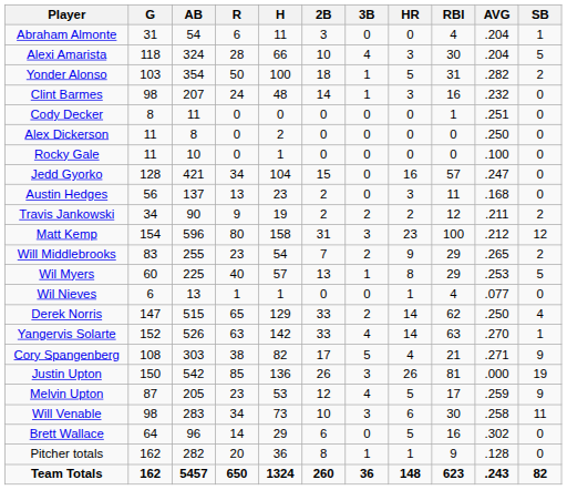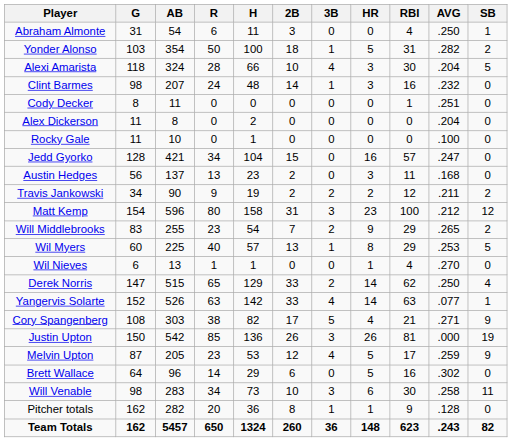 <table class="wikitable sortable" style="text-align:center; border:1; cellpadding:2; cellspacing:0;">
 <tr>
 <th bgcolor="#DDDDFF" width="20%">Player</th>
 <th bgcolor="#DDDDFF" width="7%">G</th>
 <th bgcolor="#DDDDFF" width="7%">AB</th>
 <th bgcolor="#DDDDFF" width="7%">R</th>
 <th bgcolor="#DDDDFF" width="7%">H</th>
 <th bgcolor="#DDDDFF" width="7%">2B</th>
 <th bgcolor="#DDDDFF" width="7%">3B</th>
 <th bgcolor="#DDDDFF" width="7%">HR</th>
 <th bgcolor="#DDDDFF" width="7%">RBI</th>
 <th bgcolor="#DDDDFF" width="7%">AVG</th>
 <th bgcolor="#DDDDFF" width="7%">SB</th>
 </tr>
 <tr style="text-align:center;">
 <td><a href='#'>Abraham Almonte</a></td>
 <td>31</td>
 <td>54</td>
 <td>6</td>
 <td>11</td>
 <td>3</td>
 <td>0</td>
 <td>0</td>
 <td>4</td>
-<td>.204</td>
+<td>.250</td>
 <td>1</td>
+</tr>
+<tr align=center>
+<td><a href='#'>Yonder Alonso</a></td>
+<td>103</td>
+<td>354</td>
+<td>50</td>
+<td>100</td>
+<td>18</td>
+<td>1</td>
+<td>5</td>
+<td>31</td>
+<td>.282</td>
+<td>2</td>
 </tr>
 <tr align-center>
 <td><a href='#'>Alexi Amarista</a></td>
 <td>118</td>
 <td>324</td>
 <td>28</td>
 <td>66</td>
 <td>10</td>
 <td>4</td>
 <td>3</td>
 <td>30</td>
 <td>.204</td>
 <td>5</td>
-</tr>
-<tr align=center>
-<td><a href='#'>Yonder Alonso</a></td>
-<td>103</td>
-<td>354</td>
-<td>50</td>
-<td>100</td>
-<td>18</td>
-<td>1</td>
-<td>5</td>
-<td>31</td>
-<td>.282</td>
-<td>2</td>
 </tr>
 <tr align=center>
 <td><a href='#'>Clint Barmes</a></td>
 <td>98</td>
 <td>207</td>
 <td>24</td>
 <td>48</td>
 <td>14</td>
 <td>1</td>
 <td>3</td>
 <td>16</td>
 <td>.232</td>
 <td>0</td>
 </tr>
 <tr align=center>
 <td><a href='#'>Cody Decker</a></td>
 <td>8</td>
 <td>11</td>
 <td>0</td>
 <td>0</td>
 <td>0</td>
 <td>0</td>
 <td>0</td>
 <td>1</td>
 <td>.251</td>
 <td>0</td>
 </tr>
 <tr align=center>
 <td><a href='#'>Alex Dickerson</a></td>
 <td>11</td>
 <td>8</td>
 <td>0</td>
 <td>2</td>
 <td>0</td>
 <td>0</td>
 <td>0</td>
 <td>0</td>
-<td>.250</td>
+<td>.204</td>
 <td>0</td>
 </tr>
 <tr align=center>
 <td><a href='#'>Rocky Gale</a></td>
 <td>11</td>
 <td>10</td>
 <td>0</td>
 <td>1</td>
 <td>0</td>
 <td>0</td>
 <td>0</td>
 <td>0</td>
 <td>.100</td>
 <td>0</td>
 </tr>
 <tr align=center>
 <td><a href='#'>Jedd Gyorko</a></td>
 <td>128</td>
 <td>421</td>
 <td>34</td>
 <td>104</td>
 <td>15</td>
 <td>0</td>
 <td>16</td>
 <td>57</td>
 <td>.247</td>
 <td>0</td>
 </tr>
 <tr align=center>
 <td><a href='#'>Austin Hedges</a></td>
 <td>56</td>
 <td>137</td>
 <td>13</td>
 <td>23</td>
 <td>2</td>
 <td>0</td>
 <td>3</td>
 <td>11</td>
 <td>.168</td>
 <td>0</td>
 </tr>
 <tr align=center>
 <td><a href='#'>Travis Jankowski</a></td>
 <td>34</td>
 <td>90</td>
 <td>9</td>
 <td>19</td>
 <td>2</td>
 <td>2</td>
 <td>2</td>
 <td>12</td>
 <td>.211</td>
 <td>2</td>
 </tr>
 <tr align=center>
 <td><a href='#'>Matt Kemp</a></td>
 <td>154</td>
 <td>596</td>
 <td>80</td>
 <td>158</td>
 <td>31</td>
 <td>3</td>
 <td>23</td>
 <td>100</td>
 <td>.212</td>
 <td>12</td>
 </tr>
 <tr align=center>
 <td><a href='#'>Will Middlebrooks</a></td>
 <td>83</td>
 <td>255</td>
 <td>23</td>
 <td>54</td>
 <td>7</td>
 <td>2</td>
 <td>9</td>
 <td>29</td>
 <td>.265</td>
 <td>2</td>
 </tr>
 <tr align=center>
 <td><a href='#'>Wil Myers</a></td>
 <td>60</td>
 <td>225</td>
 <td>40</td>
 <td>57</td>
 <td>13</td>
 <td>1</td>
 <td>8</td>
 <td>29</td>
 <td>.253</td>
 <td>5</td>
 </tr>
 <tr align=center>
 <td><a href='#'>Wil Nieves</a></td>
 <td>6</td>
 <td>13</td>
 <td>1</td>
 <td>1</td>
 <td>0</td>
 <td>0</td>
 <td>1</td>
 <td>4</td>
-<td>.077</td>
+<td>.270</td>
 <td>0</td>
 </tr>
 <tr align=center>
 <td><a href='#'>Derek Norris</a></td>
 <td>147</td>
 <td>515</td>
 <td>65</td>
 <td>129</td>
 <td>33</td>
 <td>2</td>
 <td>14</td>
 <td>62</td>
 <td>.250</td>
 <td>4</td>
 </tr>
 <tr align=center>
 <td><a href='#'>Yangervis Solarte</a></td>
 <td>152</td>
 <td>526</td>
 <td>63</td>
 <td>142</td>
 <td>33</td>
 <td>4</td>
 <td>14</td>
 <td>63</td>
-<td>.270</td>
+<td>.077</td>
 <td>1</td>
 </tr>
 <tr align=center>
 <td><a href='#'>Cory Spangenberg</a></td>
 <td>108</td>
 <td>303</td>
 <td>38</td>
 <td>82</td>
 <td>17</td>
 <td>5</td>
 <td>4</td>
 <td>21</td>
 <td>.271</td>
 <td>9</td>
 </tr>
 <tr align=center>
 <td><a href='#'>Justin Upton</a></td>
 <td>150</td>
 <td>542</td>
 <td>85</td>
 <td>136</td>
 <td>26</td>
 <td>3</td>
 <td>26</td>
 <td>81</td>
 <td>.000</td>
 <td>19</td>
 </tr>
 <tr align=center>
 <td><a href='#'>Melvin Upton</a></td>
 <td>87</td>
 <td>205</td>
 <td>23</td>
 <td>53</td>
 <td>12</td>
 <td>4</td>
 <td>5</td>
 <td>17</td>
 <td>.259</td>
 <td>9</td>
 </tr>
 <tr align=center>
+<td><a href='#'>Brett Wallace</a></td>
+<td>64</td>
+<td>96</td>
+<td>14</td>
+<td>29</td>
+<td>6</td>
+<td>0</td>
+<td>5</td>
+<td>16</td>
+<td>.302</td>
+<td>0</td>
+</tr>
+<tr align=center>
 <td><a href='#'>Will Venable</a></td>
 <td>98</td>
 <td>283</td>
 <td>34</td>
 <td>73</td>
 <td>10</td>
 <td>3</td>
 <td>6</td>
 <td>30</td>
 <td>.258</td>
 <td>11</td>
-</tr>
-<tr align=center>
-<td><a href='#'>Brett Wallace</a></td>
-<td>64</td>
-<td>96</td>
-<td>14</td>
-<td>29</td>
-<td>6</td>
-<td>0</td>
-<td>5</td>
-<td>16</td>
-<td>.302</td>
-<td>0</td>
 </tr>
 <tr align=center>
 <td>Pitcher totals</td>
 <td>162</td>
 <td>282</td>
 <td>20</td>
 <td>36</td>
 <td>8</td>
 <td>1</td>
 <td>1</td>
 <td>9</td>
 <td>.128</td>
 <td>0</td>
 </tr>
 <tr align=center>
 <td><strong>Team Totals</strong></td>
 <td><strong>162</strong></td>
 <td><strong>5457</strong></td>
 <td><strong>650</strong></td>
 <td><strong>1324</strong></td>
 <td><strong>260</strong></td>
 <td><strong>36</strong></td>
 <td><strong>148</strong></td>
 <td><strong>623</strong></td>
 <td><strong>.243</strong></td>
 <td><strong>82</strong></td>
 </tr>
 </table>
